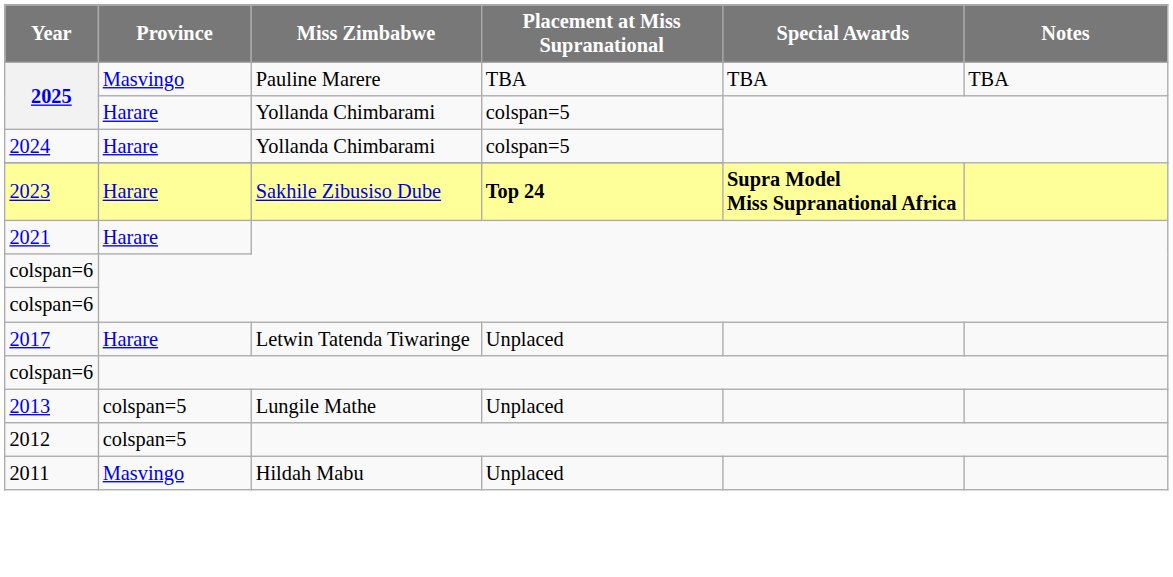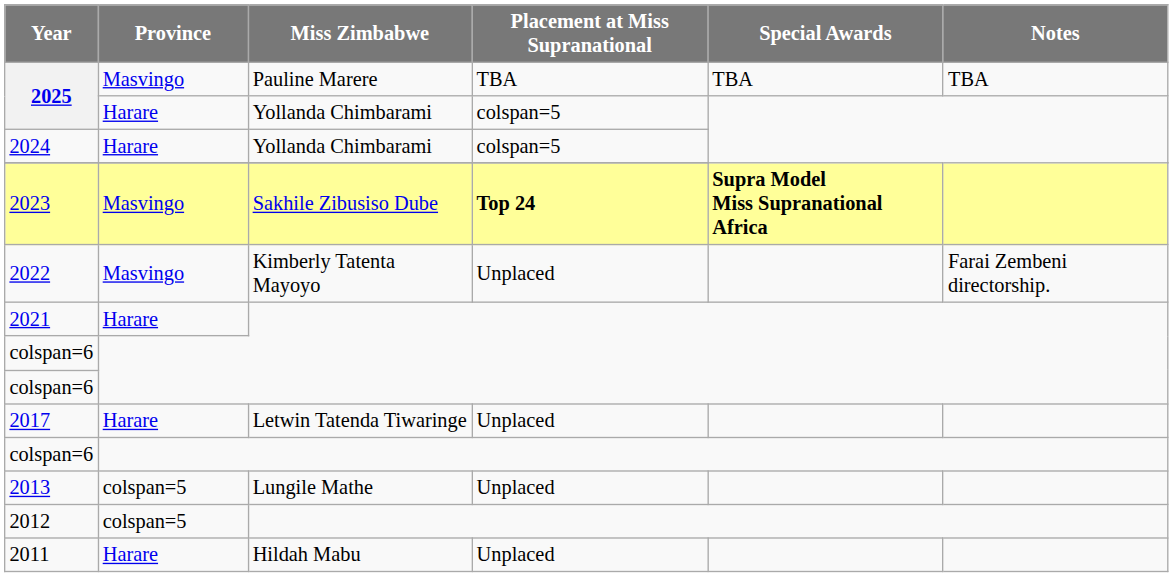 <table class="wikitable " style="font-size: 95%;">
 <tr>
 <th width="60" style="background-color:#787878;color:#FFFFFF;">Year</th>
 <th width="150" style="background-color:#787878;color:#FFFFFF;">Province</th>
 <th width="250" style="background-color:#787878;color:#FFFFFF;">Miss Zimbabwe</th>
 <th width="250" style="background-color:#787878;color:#FFFFFF;">Placement at Miss Supranational</th>
 <th width="250" style="background-color:#787878;color:#FFFFFF;">Special Awards</th>
 <th width="250" style="background-color:#787878;color:#FFFFFF;">Notes</th>
 </tr>
 <tr>
 <th rowspan="2"><a href='#'>2025</a></th>
 <td><a href='#'>Masvingo</a></td>
 <td>Pauline Marere</td>
 <td>TBA</td>
 <td>TBA</td>
 <td>TBA</td>
 </tr>
 <tr>
 <td><a href='#'>Harare</a></td>
 <td>Yollanda Chimbarami</td>
 <td>colspan=5 </td>
 </tr>
 <tr>
 <td><a href='#'>2024</a></td>
 <td><a href='#'>Harare</a></td>
 <td>Yollanda Chimbarami</td>
 <td>colspan=5 </td>
 </tr>
 <tr>
 </tr>
 <tr style="background-color:#FFFF99; ">
 <td><a href='#'>2023</a></td>
-<td><a href='#'>Harare</a></td>
+<td><a href='#'>Masvingo</a></td>
 <td><a href='#'>Sakhile Zibusiso Dube</a></td>
 <td><strong>Top 24</strong></td>
 <td><strong>Supra Model <br>Miss Supranational Africa</strong></td>
 <td></td>
+</tr>
+<tr>
+<td><a href='#'>2022</a></td>
+<td><a href='#'>Masvingo</a></td>
+<td>Kimberly Tatenta Mayoyo</td>
+<td>Unplaced</td>
+<td></td>
+<td>Farai Zembeni directorship.</td>
 </tr>
 <tr>
 <td><a href='#'>2021</a></td>
 <td><a href='#'>Harare</a></td>
 </tr>
 <tr>
 <td>colspan=6 </td>
 </tr>
 <tr>
 <td>colspan=6 </td>
 </tr>
 <tr>
 <td><a href='#'>2017</a></td>
 <td><a href='#'>Harare</a></td>
 <td>Letwin Tatenda Tiwaringe</td>
 <td>Unplaced</td>
 <td></td>
 <td></td>
 </tr>
 <tr>
 <td>colspan=6 </td>
 </tr>
 <tr>
 <td><a href='#'>2013</a></td>
 <td>colspan=5 </td>
 <td>Lungile Mathe</td>
 <td>Unplaced</td>
 <td></td>
 <td></td>
 </tr>
 <tr>
 <td>2012</td>
 <td>colspan=5 </td>
 </tr>
 <tr>
 <td>2011</td>
-<td><a href='#'>Masvingo</a></td>
+<td><a href='#'>Harare</a></td>
 <td>Hildah Mabu</td>
 <td>Unplaced</td>
 <td></td>
 <td></td>
 </tr>
 </table>
